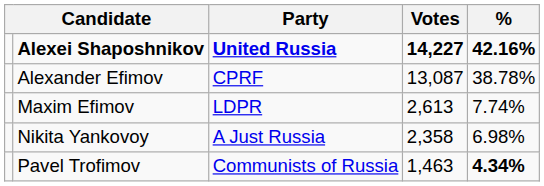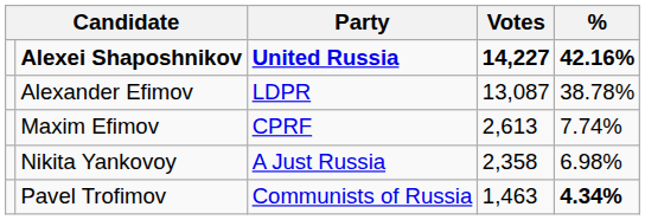 <table class="wikitable sortable">
 <tr>
 <th colspan="2">Candidate</th>
 <th>Party</th>
 <th>Votes</th>
 <th>%</th>
 </tr>
 <tr>
 <td style="background-color: "></td>
 <td><strong>Alexei Shaposhnikov</strong></td>
 <td><strong><a href='#'>United Russia</a></strong></td>
 <td><strong>14,227</strong></td>
 <td><strong>42.16%</strong></td>
 </tr>
 <tr>
 <td style="background-color: "></td>
 <td>Alexander Efimov</td>
-<td><a href='#'>CPRF</a></td>
+<td><a href='#'>LDPR</a></td>
 <td>13,087</td>
 <td>38.78%</td>
 </tr>
 <tr>
 <td style="background-color: "></td>
 <td>Maxim Efimov</td>
-<td><a href='#'>LDPR</a></td>
+<td><a href='#'>CPRF</a></td>
 <td>2,613</td>
 <td>7.74%</td>
 </tr>
 <tr>
 <td style="background-color: "></td>
 <td>Nikita Yankovoy</td>
 <td><a href='#'>A Just Russia</a></td>
 <td>2,358</td>
 <td>6.98%</td>
 </tr>
 <tr>
 <td style="background-color: "></td>
 <td>Pavel Trofimov</td>
 <td><a href='#'>Communists of Russia</a></td>
 <td>1,463</td>
 <td><strong>4.34%</strong></td>
 </tr>
 </table>
